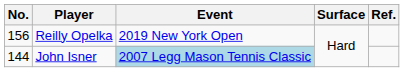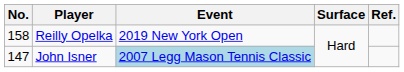 <table class="sortable wikitable">
 <tr style="background:#efefef;">
 <th scope="col">No.</th>
 <th scope="col">Player</th>
 <th scope="col">Event</th>
 <th scope="col">Surface</th>
 <th scope="col" class="unsortable">Ref.</th>
 </tr>
 <tr>
-<td>156</td>
+<td>158</td>
 <td> <a href='#'>Reilly Opelka</a></td>
 <td><a href='#'>2019 New York Open</a></td>
 <td rowspan="2" style="text-align:center">Hard</td>
 <td></td>
 </tr>
 <tr>
-<td>144</td>
+<td>147</td>
 <td> <a href='#'>John Isner</a></td>
 <td style="background: lightblue;"><a href='#'>2007 Legg Mason Tennis Classic</a></td>
 <td></td>
 </tr>
 </table>
